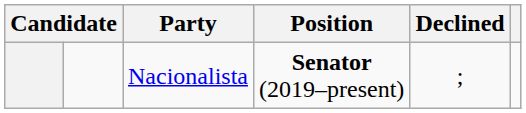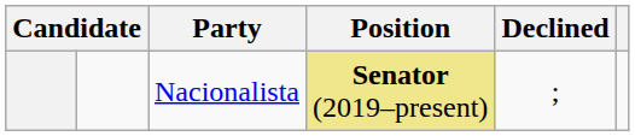 <table class="wikitable sortable" style="text-align:center;font-size:100%;" |+ Parties and coalitions participating in the 2025 Philippine general election>
 <tr>
 <th colspan="2">Candidate</th>
 <th>Party</th>
 <th>Position</th>
 <th>Declined</th>
 <th></th>
 </tr>
 <tr>
 <th style="background:"></th>
 <td><strong></strong></td>
 <td><a href='#'>Nacionalista</a></td>
-<td><strong>Senator</strong><br>(2019–present)</td>
+<td style="background: khaki;"><strong>Senator</strong><br>(2019–present)</td>
 <td>; </td>
 <td></td>
 </tr>
 </table>
